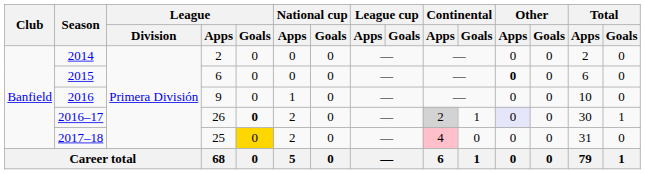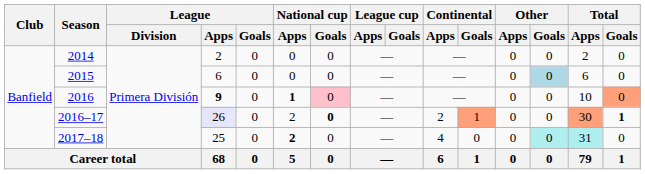 <table class="wikitable" style="text-align:center">
 <tr>
 <th rowspan="2">Club</th>
 <th rowspan="2">Season</th>
 <th colspan="3">League</th>
 <th colspan="2">National cup</th>
 <th colspan="2">League cup</th>
 <th colspan="2">Continental</th>
 <th colspan="2">Other</th>
 <th colspan="2">Total</th>
 </tr>
 <tr>
 <th>Division</th>
 <th>Apps</th>
 <th>Goals</th>
 <th>Apps</th>
 <th>Goals</th>
 <th>Apps</th>
 <th>Goals</th>
 <th>Apps</th>
 <th>Goals</th>
 <th>Apps</th>
 <th>Goals</th>
 <th>Apps</th>
 <th>Goals</th>
 </tr>
 <tr>
 <td rowspan="5"><a href='#'>Banfield</a></td>
 <td><a href='#'>2014</a></td>
 <td rowspan="5"><a href='#'>Primera División</a></td>
 <td>2</td>
 <td>0</td>
 <td>0</td>
 <td>0</td>
 <td colspan="2">—</td>
 <td colspan="2">—</td>
 <td>0</td>
 <td>0</td>
 <td>2</td>
 <td>0</td>
 </tr>
 <tr>
 <td><a href='#'>2015</a></td>
 <td>6</td>
 <td>0</td>
 <td>0</td>
 <td>0</td>
 <td colspan="2">—</td>
 <td colspan="2">—</td>
-<td><strong>0</strong></td>
 <td>0</td>
+<td style="background: lightblue;">0</td>
 <td>6</td>
 <td>0</td>
 </tr>
 <tr>
 <td><a href='#'>2016</a></td>
-<td>9</td>
+<td><strong>9</strong></td>
 <td>0</td>
-<td>1</td>
-<td>0</td>
+<td><strong>1</strong></td>
+<td style="background: pink;">0</td>
 <td colspan="2">—</td>
 <td colspan="2">—</td>
 <td>0</td>
 <td>0</td>
 <td>10</td>
-<td>0</td>
+<td style="background: lightsalmon;">0</td>
 </tr>
 <tr>
 <td><a href='#'>2016–17</a></td>
-<td>26</td>
+<td style="background: lavender;">26</td>
+<td>0</td>
+<td>2</td>
 <td><strong>0</strong></td>
+<td colspan="2">—</td>
 <td>2</td>
+<td style="background: lightsalmon;">1</td>
 <td>0</td>
-<td colspan="2">—</td>
-<td style="background: lightgrey;">2</td>
-<td>1</td>
-<td style="background: lavender;">0</td>
 <td>0</td>
-<td>30</td>
-<td>1</td>
+<td style="background: lightsalmon;">30</td>
+<td><strong>1</strong></td>
 </tr>
 <tr>
 <td><a href='#'>2017–18</a></td>
 <td>25</td>
-<td style="background: gold;">0</td>
-<td>2</td>
+<td>0</td>
+<td><strong>2</strong></td>
 <td>0</td>
 <td colspan="2">—</td>
-<td style="background: pink;">4</td>
+<td>4</td>
 <td>0</td>
 <td>0</td>
-<td>0</td>
-<td>31</td>
+<td style="background: paleturquoise;">0</td>
+<td style="background: paleturquoise;">31</td>
 <td>0</td>
 </tr>
 <tr>
 <th colspan="3">Career total</th>
 <th>68</th>
 <th>0</th>
 <th>5</th>
 <th>0</th>
 <th colspan="2">—</th>
 <th>6</th>
 <th>1</th>
 <th>0</th>
 <th>0</th>
 <th>79</th>
 <th>1</th>
 </tr>
 </table>
